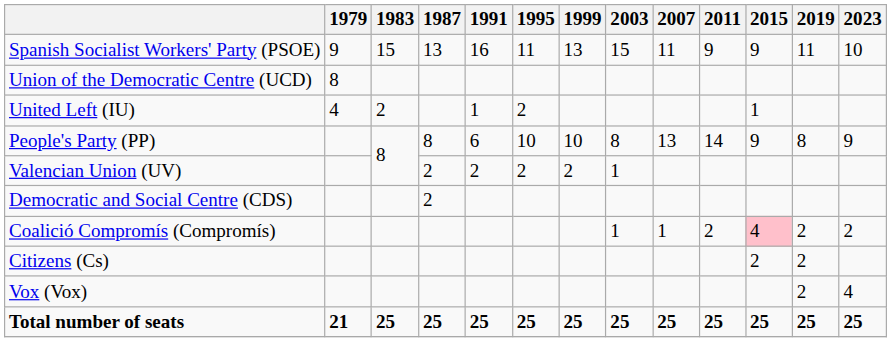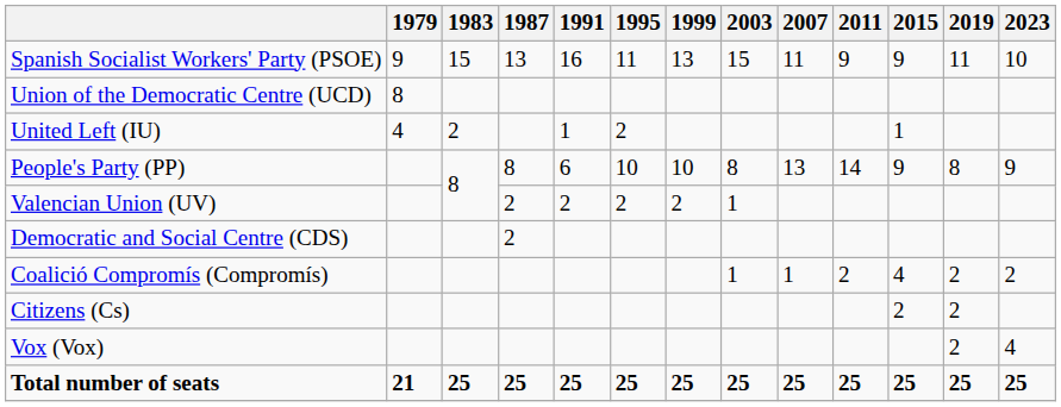 <table class="wikitable">
 <tr>
 <th></th>
 <th>1979</th>
 <th>1983</th>
 <th>1987</th>
 <th>1991</th>
 <th>1995</th>
 <th>1999</th>
 <th>2003</th>
 <th>2007</th>
 <th>2011</th>
 <th>2015</th>
 <th>2019</th>
 <th>2023</th>
 </tr>
 <tr>
 <td><a href='#'>Spanish Socialist Workers' Party</a> (PSOE)</td>
 <td>9</td>
 <td>15</td>
 <td>13</td>
 <td>16</td>
 <td>11</td>
 <td>13</td>
 <td>15</td>
 <td>11</td>
 <td>9</td>
 <td>9</td>
 <td>11</td>
 <td>10</td>
 </tr>
 <tr>
 <td><a href='#'>Union of the Democratic Centre</a> (UCD)</td>
 <td>8</td>
 <td></td>
 <td></td>
 <td></td>
 <td></td>
 <td></td>
 <td></td>
 <td></td>
 <td></td>
 <td></td>
 <td></td>
 <td></td>
 </tr>
 <tr>
 <td><a href='#'>United Left</a> (IU)</td>
 <td>4</td>
 <td>2</td>
 <td></td>
 <td>1</td>
 <td>2</td>
 <td></td>
 <td></td>
 <td></td>
 <td></td>
 <td>1</td>
 <td></td>
 <td></td>
 </tr>
 <tr>
 <td><a href='#'>People's Party</a> (PP)</td>
 <td></td>
 <td rowspan=2>8</td>
 <td>8</td>
 <td>6</td>
 <td>10</td>
 <td>10</td>
 <td>8</td>
 <td>13</td>
 <td>14</td>
 <td>9</td>
 <td>8</td>
 <td>9</td>
 </tr>
 <tr>
 <td><a href='#'>Valencian Union</a> (UV)</td>
 <td></td>
 <td>2</td>
 <td>2</td>
 <td>2</td>
 <td>2</td>
 <td>1</td>
 <td></td>
 <td></td>
 <td></td>
 <td></td>
 <td></td>
 </tr>
 <tr>
 <td><a href='#'>Democratic and Social Centre</a> (CDS)</td>
 <td></td>
 <td></td>
 <td>2</td>
 <td></td>
 <td></td>
 <td></td>
 <td></td>
 <td></td>
 <td></td>
 <td></td>
 <td></td>
 <td></td>
 </tr>
 <tr>
 <td><a href='#'>Coalició Compromís</a> (Compromís)</td>
 <td></td>
 <td></td>
 <td></td>
 <td></td>
 <td></td>
 <td></td>
 <td>1</td>
 <td>1</td>
 <td>2</td>
-<td style="background: pink;">4</td>
+<td>4</td>
 <td>2</td>
 <td>2</td>
 </tr>
 <tr>
 <td><a href='#'>Citizens</a> (Cs)</td>
 <td></td>
 <td></td>
 <td></td>
 <td></td>
 <td></td>
 <td></td>
 <td></td>
 <td></td>
 <td></td>
 <td>2</td>
 <td>2</td>
 <td></td>
 </tr>
 <tr>
 <td><a href='#'>Vox</a> (Vox)</td>
 <td></td>
 <td></td>
 <td></td>
 <td></td>
 <td></td>
 <td></td>
 <td></td>
 <td></td>
 <td></td>
 <td></td>
 <td>2</td>
 <td>4</td>
 </tr>
 <tr>
 <td><strong>Total number of seats</strong></td>
 <td><strong>21</strong></td>
 <td><strong>25</strong></td>
 <td><strong>25</strong></td>
 <td><strong>25</strong></td>
 <td><strong>25</strong></td>
 <td><strong>25</strong></td>
 <td><strong>25</strong></td>
 <td><strong>25</strong></td>
 <td><strong>25</strong></td>
 <td><strong>25</strong></td>
 <td><strong>25</strong></td>
 <td><strong>25</strong></td>
 </tr>
 <tr>
 </tr>
 </table>
